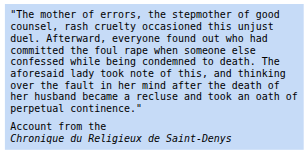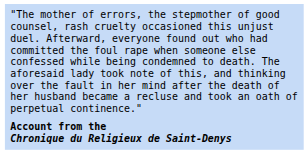 <table class="toccolours" style="float: left; margin-left: 1em; margin-right: 2em; font-size: 85%; background:#c6dbf7; color:black; width:30em; max-width: 40%;" cellspacing="5">
 <tr>
 <td style="text-align: left;">"The mother of errors, the stepmother of good counsel, rash cruelty occasioned this unjust duel. Afterward, everyone found out who had committed the foul rape when someone else confessed while being condemned to death. The aforesaid lady took note of this, and thinking over the fault in her mind after the death of her husband became a recluse and took an oath of perpetual continence."</td>
 </tr>
 <tr>
-<td style="text-align: left;">Account from the<br><em>Chronique du Religieux de Saint-Denys</em></td>
+<td style="text-align: left;"><strong>Account from the<br><em>Chronique du Religieux de Saint-Denys</em></strong></td>
 </tr>
 </table>
